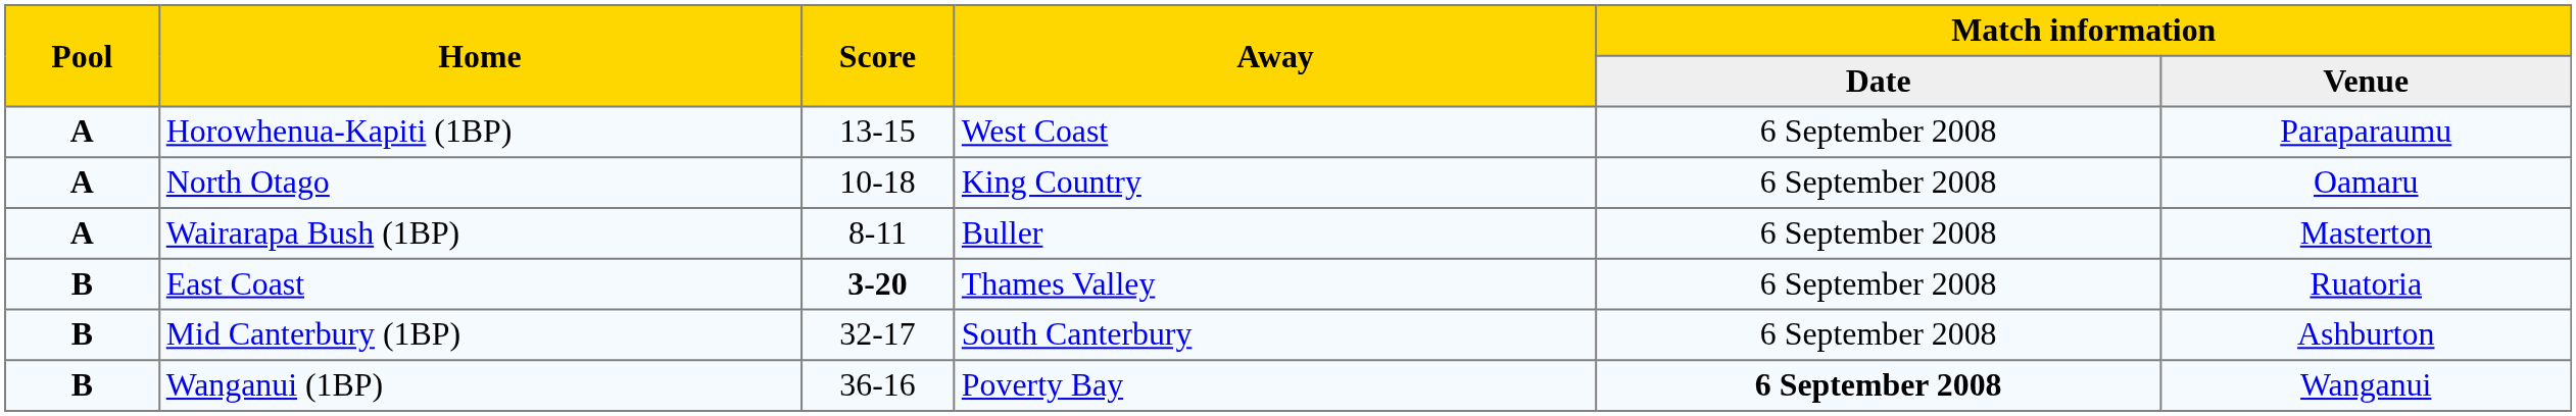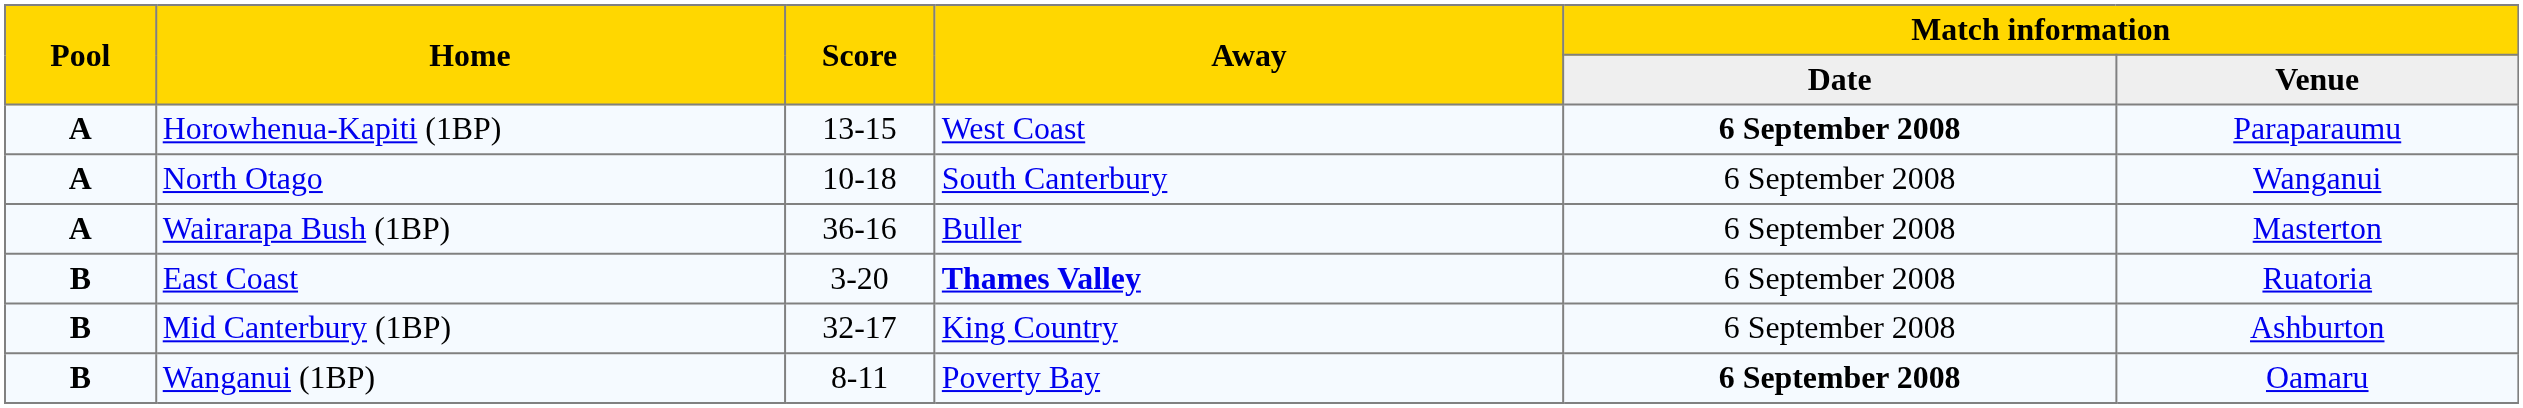 <table border=1 style="border-collapse:collapse;text-align:center" cellpadding=3 cellspacing=0 width=100%>
 <tr bgcolor=#FFD700>
 <th rowspan=2 width=6%>Pool</th>
 <th rowspan=2 width=25%>Home</th>
 <th rowspan=2 width=6%>Score</th>
 <th rowspan=2 width=25%>Away</th>
 <th colspan=6>Match information</th>
 </tr>
 <tr bgcolor=#EFEFEF>
 <th width=22%>Date</th>
 <th width=22%>Venue</th>
 </tr>
 <tr bgcolor=#F5FAFF>
 <td><strong>A</strong></td>
 <td align=left><a href='#'>Horowhenua-Kapiti</a> (1BP)</td>
 <td>13-15</td>
 <td align=left><a href='#'>West Coast</a></td>
-<td>6 September 2008</td>
+<td><strong>6 September 2008</strong></td>
 <td><a href='#'>Paraparaumu</a></td>
 </tr>
 <tr bgcolor=#F5FAFF>
 <td><strong>A</strong></td>
 <td align=left><a href='#'>North Otago</a></td>
 <td>10-18</td>
-<td align=left><a href='#'>King Country</a></td>
+<td align=left><a href='#'>South Canterbury</a></td>
 <td>6 September 2008</td>
-<td><a href='#'>Oamaru</a></td>
+<td><a href='#'>Wanganui</a></td>
 </tr>
 <tr bgcolor=#F5FAFF>
 <td><strong>A</strong></td>
 <td align=left><a href='#'>Wairarapa Bush</a> (1BP)</td>
-<td>8-11</td>
+<td>36-16</td>
 <td align=left><a href='#'>Buller</a></td>
 <td>6 September 2008</td>
 <td><a href='#'>Masterton</a></td>
 </tr>
 <tr bgcolor=#F5FAFF>
 <td><strong>B</strong></td>
 <td align=left><a href='#'>East Coast</a></td>
-<td><strong>3-20</strong></td>
-<td align=left><a href='#'>Thames Valley</a></td>
+<td>3-20</td>
+<td align=left><strong><a href='#'>Thames Valley</a></strong></td>
 <td>6 September 2008</td>
 <td><a href='#'>Ruatoria</a></td>
 </tr>
 <tr bgcolor=#F5FAFF>
 <td><strong>B</strong></td>
 <td align=left><a href='#'>Mid Canterbury</a> (1BP)</td>
 <td>32-17</td>
-<td align=left><a href='#'>South Canterbury</a></td>
+<td align=left><a href='#'>King Country</a></td>
 <td>6 September 2008</td>
 <td><a href='#'>Ashburton</a></td>
 </tr>
 <tr bgcolor=#F5FAFF>
 <td><strong>B</strong></td>
 <td align=left><a href='#'>Wanganui</a> (1BP)</td>
-<td>36-16</td>
+<td>8-11</td>
 <td align=left><a href='#'>Poverty Bay</a></td>
 <td><strong>6 September 2008</strong></td>
-<td><a href='#'>Wanganui</a></td>
+<td><a href='#'>Oamaru</a></td>
 </tr>
 </table>
